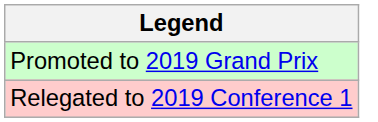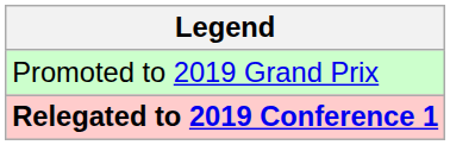 <table class="wikitable">
 <tr>
 <th>Legend</th>
 </tr>
 <tr bgcolor=ccffcc>
 <td>Promoted to <a href='#'>2019 Grand Prix</a></td>
 </tr>
 <tr bgcolor=ffcccc>
-<td>Relegated to <a href='#'>2019 Conference 1</a></td>
+<td><strong>Relegated to <a href='#'>2019 Conference 1</a></strong></td>
 </tr>
 </table>
